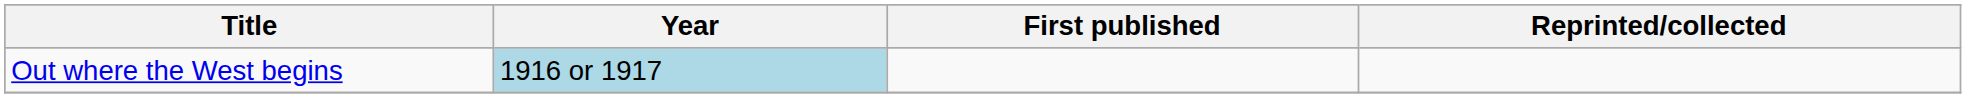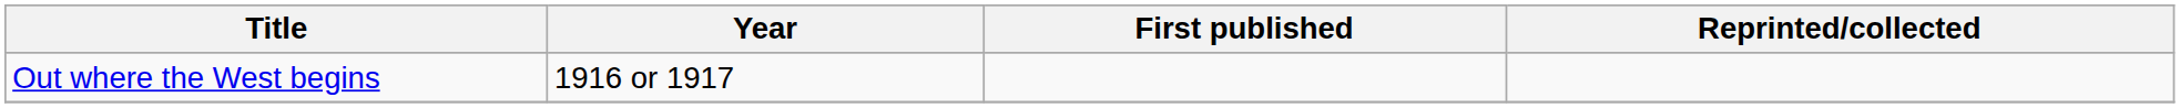 <table class='wikitable sortable' width='90%'>
 <tr>
 <th width=25%>Title</th>
 <th>Year</th>
 <th>First published</th>
 <th>Reprinted/collected</th>
 </tr>
 <tr>
 <td><a href='#'>Out where the West begins</a></td>
-<td style="background: lightblue;">1916 or 1917</td>
+<td>1916 or 1917</td>
 <td></td>
 <td></td>
 </tr>
 <tr>
 </tr>
 </table>
